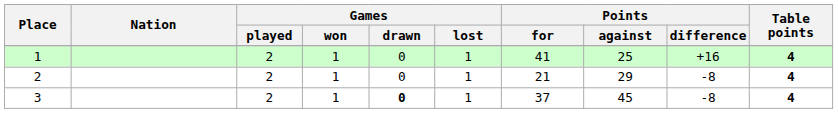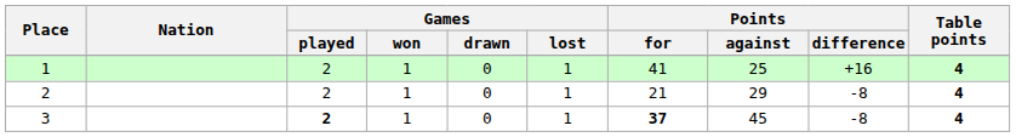 <table class="wikitable">
 <tr>
 <th rowspan=2 width="8%">Place</th>
 <th rowspan=2 width="20%">Nation</th>
 <th colspan=4 width="32%">Games</th>
 <th colspan=3 width="30%">Points</th>
 <th rowspan=2 width="10%">Table<br>points</th>
 </tr>
 <tr>
 <th width="8%">played</th>
 <th width="8%">won</th>
 <th width="8%">drawn</th>
 <th width="8%">lost</th>
 <th width="10%">for</th>
 <th width="10%">against</th>
 <th width="10%">difference</th>
 </tr>
 <tr>
 </tr>
 <tr bgcolor=#ccffcc align=center>
 <td>1</td>
 <td align=left></td>
 <td>2</td>
 <td>1</td>
 <td>0</td>
 <td>1</td>
 <td>41</td>
 <td>25</td>
 <td>+16</td>
 <td><strong>4</strong></td>
 </tr>
 <tr bgcolor=#ffffff align=center>
 <td>2</td>
 <td align=left></td>
 <td>2</td>
 <td>1</td>
 <td>0</td>
 <td>1</td>
 <td>21</td>
 <td>29</td>
 <td>-8</td>
 <td><strong>4</strong></td>
 </tr>
 <tr bgcolor=#ffffff align=center>
 <td>3</td>
 <td align=left></td>
-<td>2</td>
+<td><strong>2</strong></td>
 <td>1</td>
-<td><strong>0</strong></td>
+<td>0</td>
 <td>1</td>
-<td>37</td>
+<td><strong>37</strong></td>
 <td>45</td>
 <td>-8</td>
 <td><strong>4</strong></td>
 </tr>
 </table>
